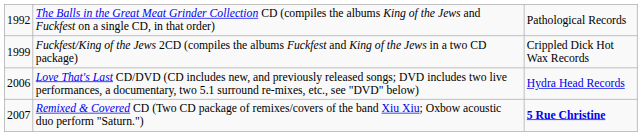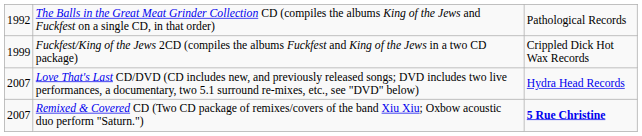 <table class="wikitable">
 <tr>
 <td>1992</td>
 <td><em><a href='#'>The Balls in the Great Meat Grinder Collection</a></em> CD (compiles the albums <em>King of the Jews</em> and <em>Fuckfest</em> on a single CD, in that order)</td>
 <td>Pathological Records</td>
 </tr>
 <tr>
 <td>1999</td>
 <td><em>Fuckfest/King of the Jews</em> 2CD (compiles the albums <em>Fuckfest</em> and <em>King of the Jews</em> in a two CD package)</td>
 <td>Crippled Dick Hot Wax Records</td>
 </tr>
 <tr>
-<td>2006</td>
+<td>2007</td>
 <td><em><a href='#'>Love That's Last</a></em> CD/DVD (CD includes new, and previously released songs; DVD includes two live performances, a documentary, two 5.1 surround re-mixes, etc., see "DVD" below)</td>
 <td><a href='#'>Hydra Head Records</a></td>
 </tr>
 <tr>
 <td>2007</td>
 <td><em><a href='#'>Remixed & Covered</a></em> CD (Two CD package of remixes/covers of the band <a href='#'>Xiu Xiu</a>; Oxbow acoustic duo perform "Saturn.")</td>
 <td><strong><a href='#'>5 Rue Christine</a></strong></td>
 </tr>
 </table>
